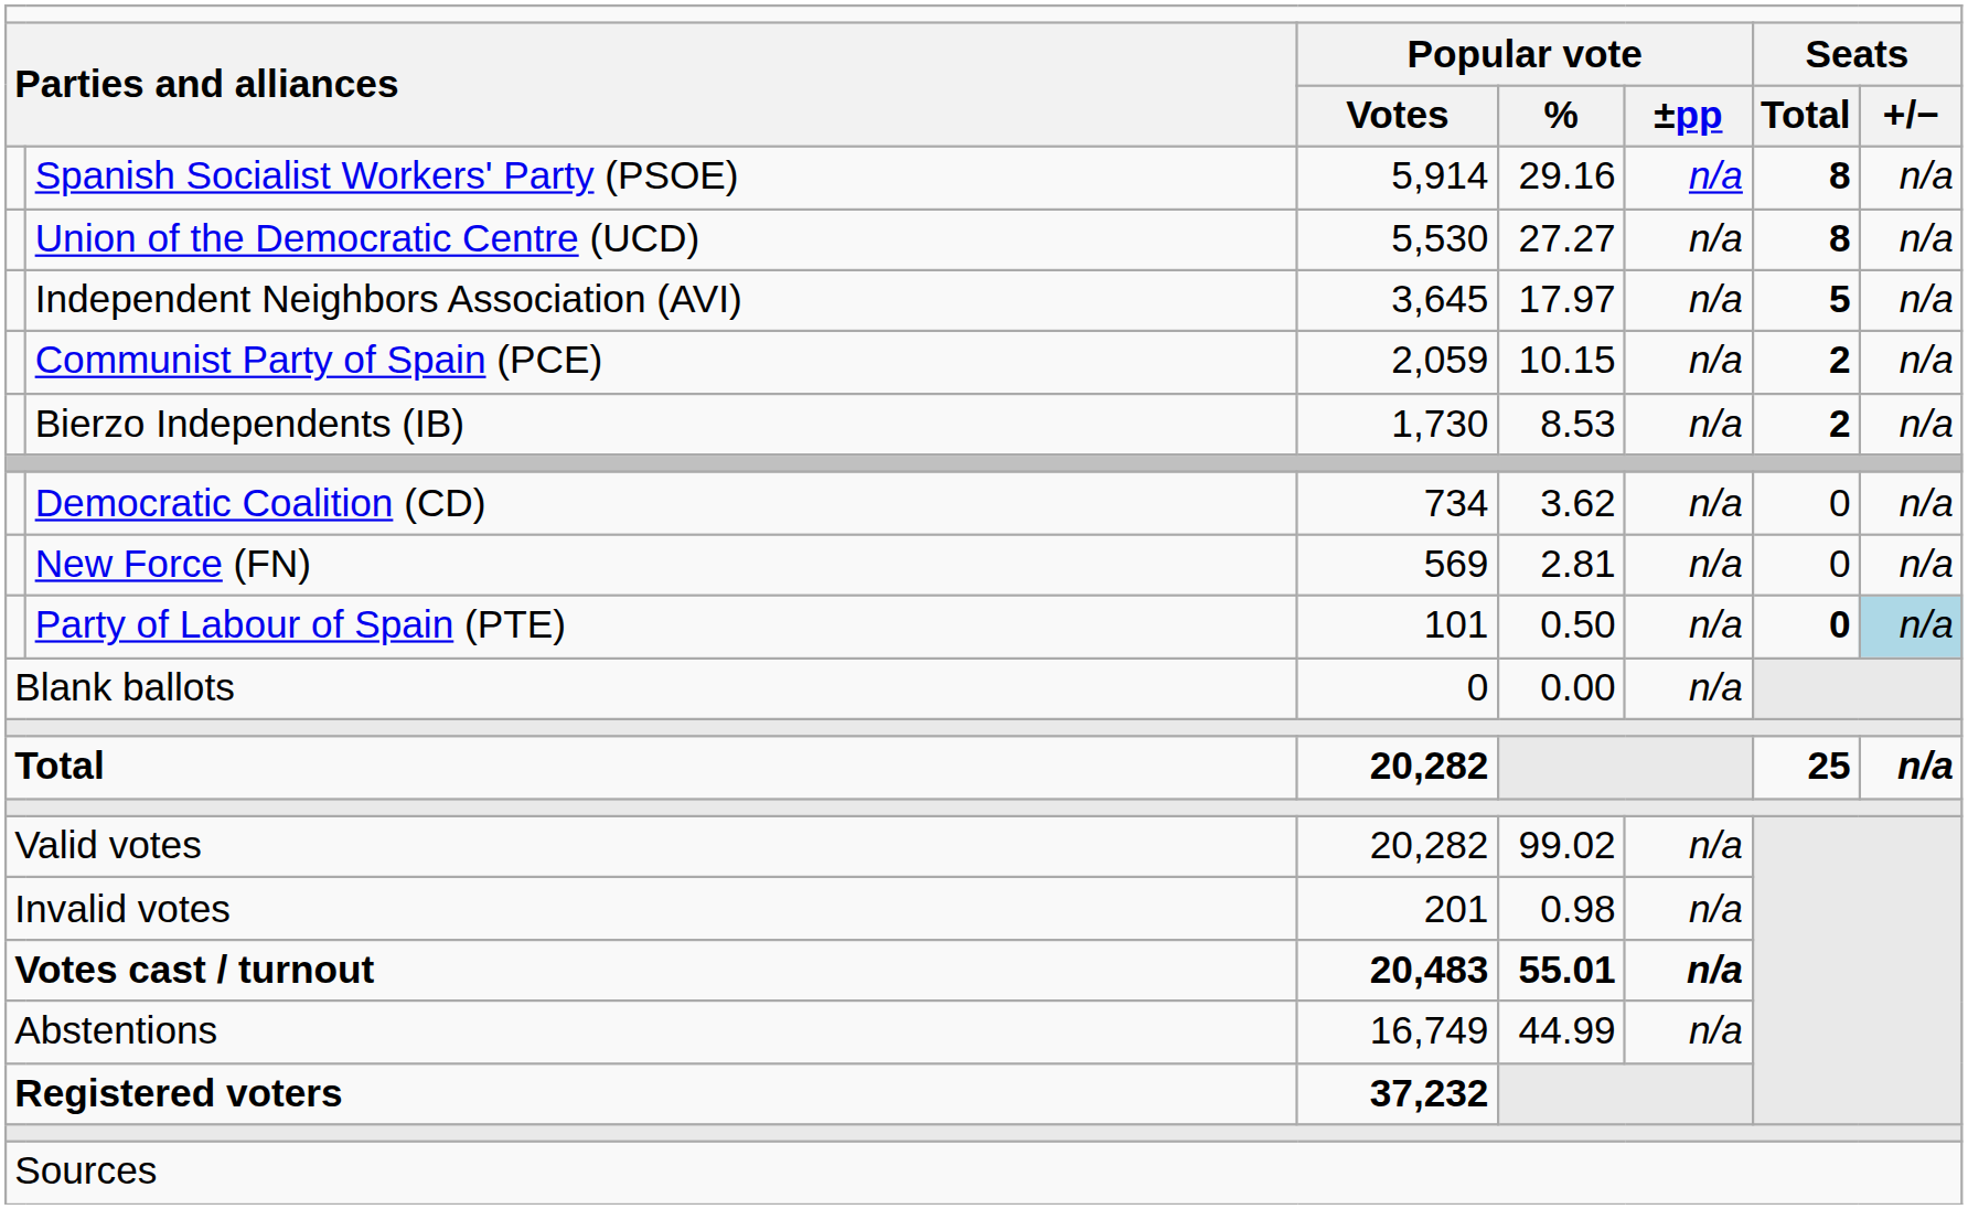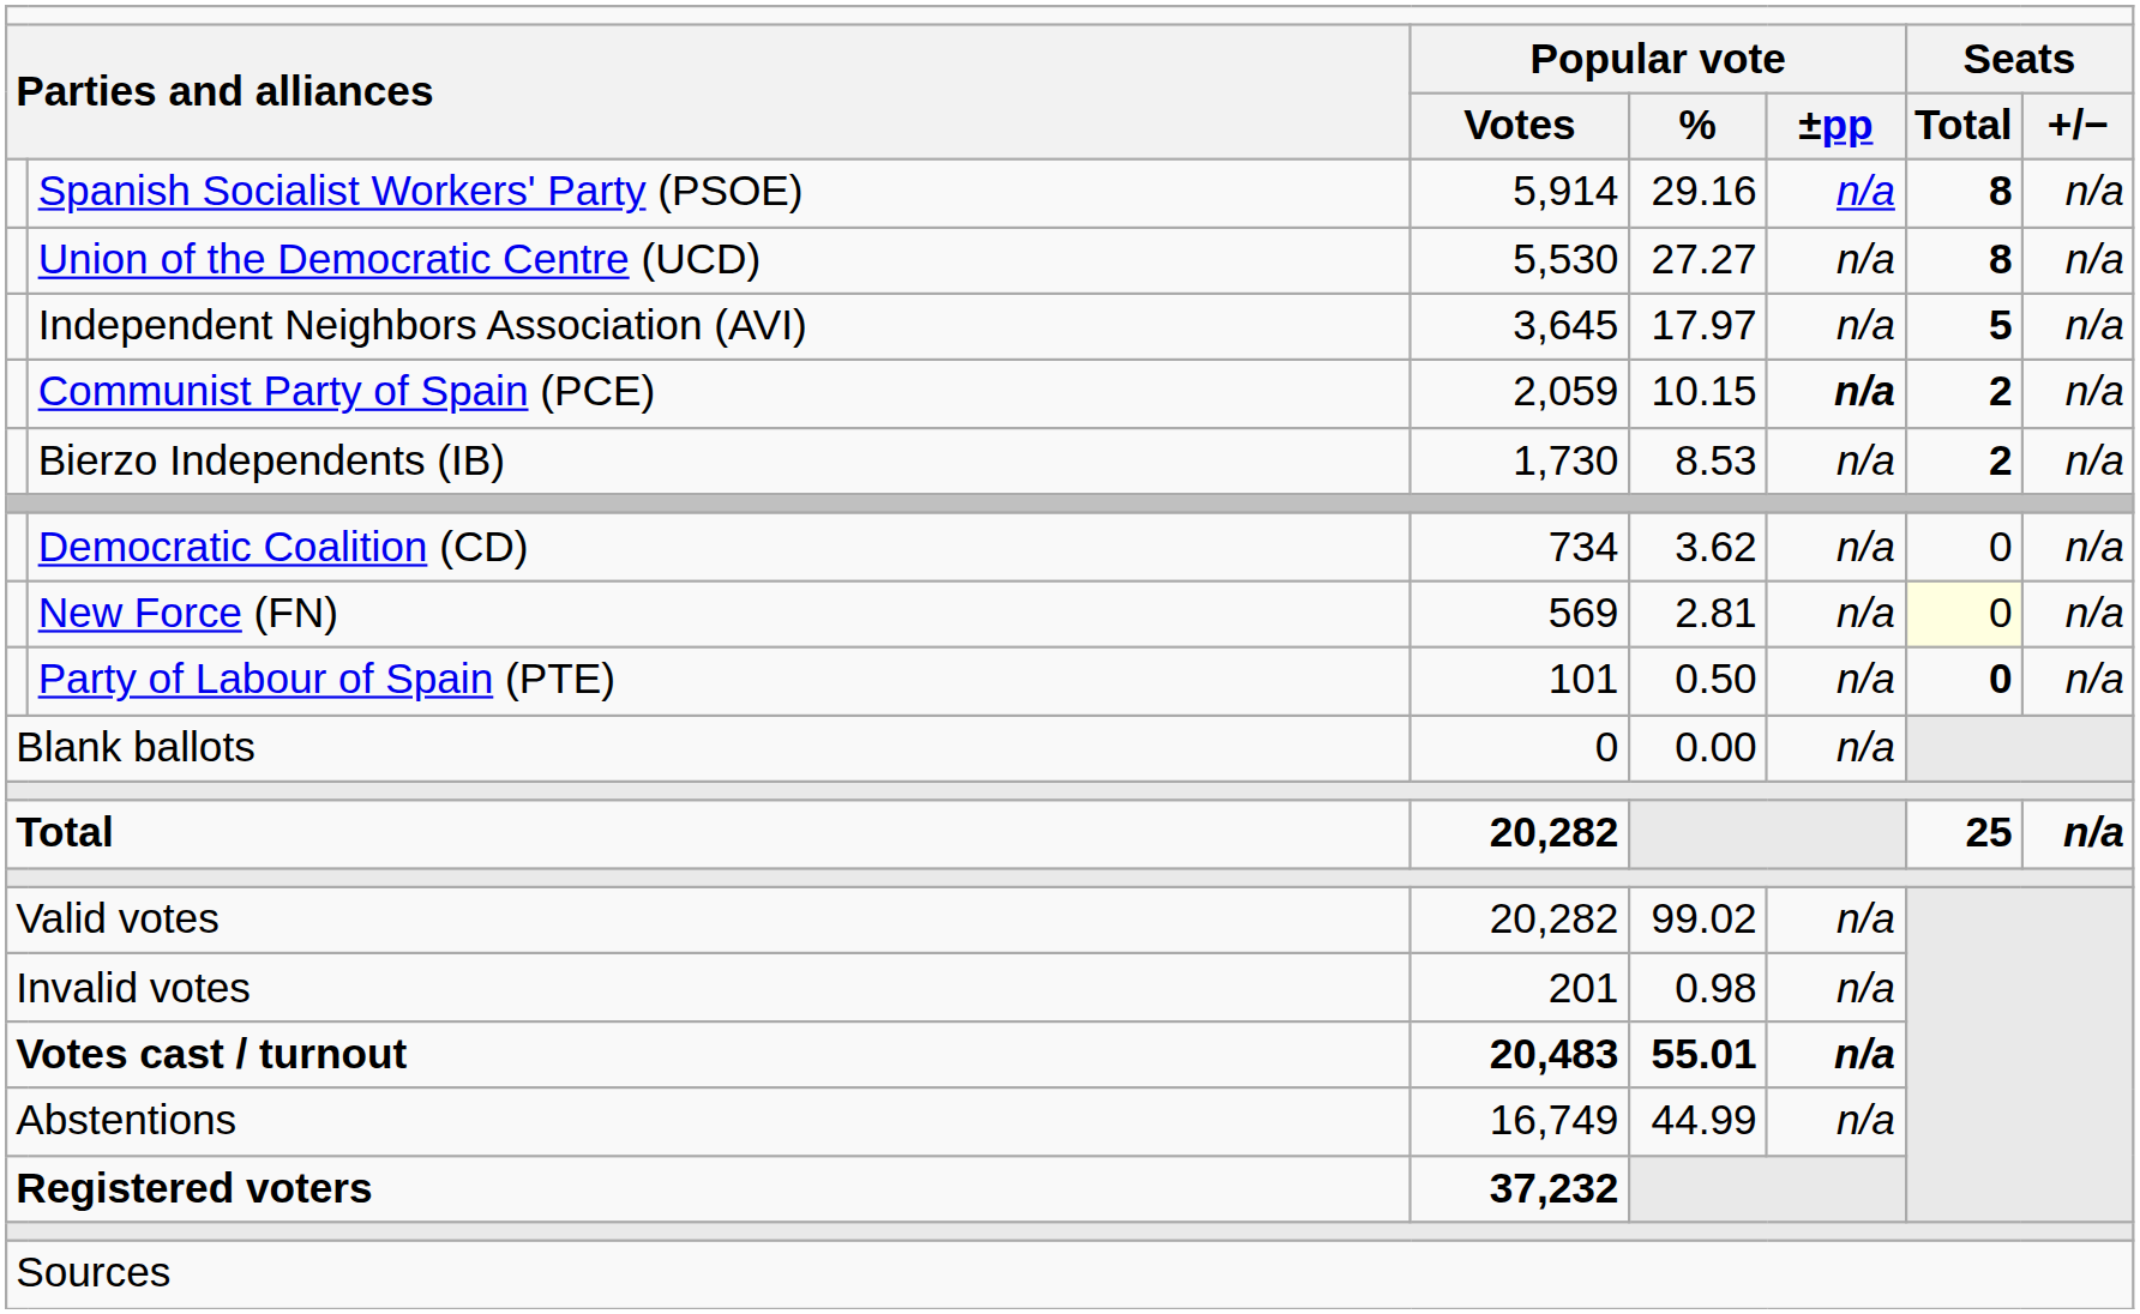 <table class="wikitable" style="text-align:right;">
 <tr>
 <td colspan="7"></td>
 </tr>
 <tr>
 <th style="text-align:left;" rowspan="2" colspan="2" width="525">Parties and alliances</th>
 <th colspan="3">Popular vote</th>
 <th colspan="2">Seats</th>
 </tr>
 <tr>
 <th width="75">Votes</th>
 <th width="45">%</th>
 <th width="45">±<a href='#'>pp</a></th>
 <th width="35">Total</th>
 <th width="35">+/−</th>
 </tr>
 <tr>
 <td width="1" style="color:inherit;background:"></td>
 <td align="left"><a href='#'>Spanish Socialist Workers' Party</a> (PSOE)</td>
 <td>5,914</td>
 <td>29.16</td>
 <td><em><a href='#'>n/a</a></em></td>
 <td><strong>8</strong></td>
 <td><em>n/a</em></td>
 </tr>
 <tr>
 <td style="color:inherit;background:"></td>
 <td align="left"><a href='#'>Union of the Democratic Centre</a> (UCD)</td>
 <td>5,530</td>
 <td>27.27</td>
 <td><em>n/a</em></td>
 <td><strong>8</strong></td>
 <td><em>n/a</em></td>
 </tr>
 <tr>
 <td style="color:inherit;background:"></td>
 <td align="left">Independent Neighbors Association (AVI)</td>
 <td>3,645</td>
 <td>17.97</td>
 <td><em>n/a</em></td>
 <td><strong>5</strong></td>
 <td><em>n/a</em></td>
 </tr>
 <tr>
 <td style="color:inherit;background:"></td>
 <td align="left"><a href='#'>Communist Party of Spain</a> (PCE)</td>
 <td>2,059</td>
 <td>10.15</td>
-<td><em>n/a</em></td>
+<td><strong><em>n/a</em></strong></td>
 <td><strong>2</strong></td>
 <td><em>n/a</em></td>
 </tr>
 <tr>
 <td style="color:inherit;background:"></td>
 <td align="left">Bierzo Independents (IB)</td>
 <td>1,730</td>
 <td>8.53</td>
 <td><em>n/a</em></td>
 <td><strong>2</strong></td>
 <td><em>n/a</em></td>
 </tr>
 <tr>
 <td colspan="7" bgcolor="#C0C0C0"></td>
 </tr>
 <tr>
 <td style="color:inherit;background:"></td>
 <td align="left"><a href='#'>Democratic Coalition</a> (CD)</td>
 <td>734</td>
 <td>3.62</td>
 <td><em>n/a</em></td>
 <td>0</td>
 <td><em>n/a</em></td>
 </tr>
 <tr>
 <td style="color:inherit;background:"></td>
 <td align="left"><a href='#'>New Force</a> (FN)</td>
 <td>569</td>
 <td>2.81</td>
 <td><em>n/a</em></td>
-<td>0</td>
+<td style="background: lightyellow;">0</td>
 <td><em>n/a</em></td>
 </tr>
 <tr>
 <td style="color:inherit;background:"></td>
 <td align="left"><a href='#'>Party of Labour of Spain</a> (PTE)</td>
 <td>101</td>
 <td>0.50</td>
 <td><em>n/a</em></td>
 <td><strong>0</strong></td>
-<td style="background: lightblue;"><em>n/a</em></td>
+<td><em>n/a</em></td>
 </tr>
 <tr>
 <td align="left" colspan="2">Blank ballots</td>
 <td>0</td>
 <td>0.00</td>
 <td><em>n/a</em></td>
 <td bgcolor="#E9E9E9" colspan="2"></td>
 </tr>
 <tr>
 <td colspan="7" bgcolor="#E9E9E9"></td>
 </tr>
 <tr style="font-weight:bold;">
 <td align="left" colspan="2">Total</td>
 <td>20,282</td>
 <td bgcolor="#E9E9E9" colspan="2"></td>
 <td>25</td>
 <td><em>n/a</em></td>
 </tr>
 <tr>
 <td colspan="7" bgcolor="#E9E9E9"></td>
 </tr>
 <tr>
 <td align="left" colspan="2">Valid votes</td>
 <td>20,282</td>
 <td>99.02</td>
 <td><em>n/a</em></td>
 <td bgcolor="#E9E9E9" colspan="2" rowspan="5"></td>
 </tr>
 <tr>
 <td align="left" colspan="2">Invalid votes</td>
 <td>201</td>
 <td>0.98</td>
 <td><em>n/a</em></td>
 </tr>
 <tr style="font-weight:bold;">
 <td align="left" colspan="2">Votes cast / turnout</td>
 <td>20,483</td>
 <td>55.01</td>
 <td><em>n/a</em></td>
 </tr>
 <tr>
 <td align="left" colspan="2">Abstentions</td>
 <td>16,749</td>
 <td>44.99</td>
 <td><em>n/a</em></td>
 </tr>
 <tr style="font-weight:bold;">
 <td align="left" colspan="2">Registered voters</td>
 <td>37,232</td>
 <td bgcolor="#E9E9E9" colspan="2"></td>
 </tr>
 <tr>
 <td colspan="7" bgcolor="#E9E9E9"></td>
 </tr>
 <tr>
 <td align="left" colspan="7">Sources</td>
 </tr>
 </table>
